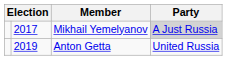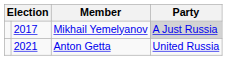 <table class="wikitable">
 <tr>
 <th colspan="2">Election</th>
 <th>Member</th>
 <th>Party</th>
 </tr>
 <tr>
 <td style="background-color: "></td>
 <td><a href='#'>2017</a></td>
 <td><a href='#'>Mikhail Yemelyanov</a></td>
 <td style="background: lightgrey;"><a href='#'>A Just Russia</a></td>
 </tr>
 <tr>
 <td style="background-color: "></td>
-<td><a href='#'>2019</a></td>
+<td><a href='#'>2021</a></td>
 <td><a href='#'>Anton Getta</a></td>
 <td><a href='#'>United Russia</a></td>
 </tr>
 </table>
